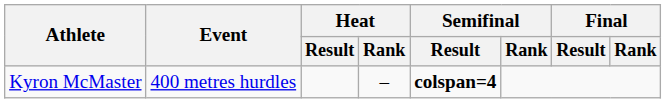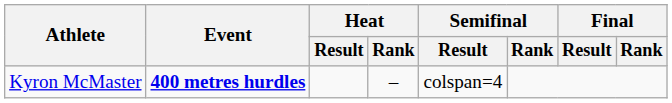 <table class=wikitable style=font-size:90%>
 <tr>
 <th rowspan=2>Athlete</th>
 <th rowspan=2>Event</th>
 <th colspan=2>Heat</th>
 <th colspan=2>Semifinal</th>
 <th colspan=2>Final</th>
 </tr>
 <tr style=font-size:95%>
 <th>Result</th>
 <th>Rank</th>
 <th>Result</th>
 <th>Rank</th>
 <th>Result</th>
 <th>Rank</th>
 </tr>
 <tr align=center>
 <td align=left><a href='#'>Kyron McMaster</a></td>
-<td align=left><a href='#'>400 metres hurdles</a></td>
+<td align=left><strong><a href='#'>400 metres hurdles</a></strong></td>
 <td></td>
 <td>–</td>
-<td><strong>colspan=4 </strong></td>
+<td>colspan=4 </td>
 </tr>
 </table>
